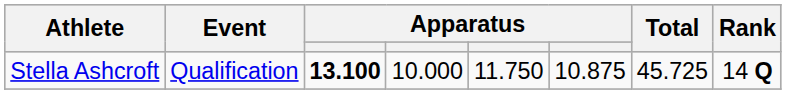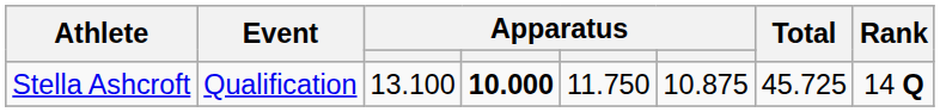 <table class="wikitable" style="font-size:90%">
 <tr>
 <th rowspan=2>Athlete</th>
 <th rowspan=2>Event</th>
 <th colspan=4>Apparatus</th>
 <th rowspan=2>Total</th>
 <th rowspan=2>Rank</th>
 </tr>
 <tr style="font-size:95%">
 <th></th>
 <th></th>
 <th></th>
 <th></th>
 </tr>
 <tr align=center>
 <td align=left><a href='#'>Stella Ashcroft</a></td>
 <td align=left><a href='#'>Qualification</a></td>
-<td><strong>13.100</strong></td>
-<td>10.000</td>
+<td>13.100</td>
+<td><strong>10.000</strong></td>
 <td>11.750</td>
 <td>10.875</td>
 <td>45.725</td>
 <td>14 <strong>Q</strong></td>
 </tr>
 </table>
